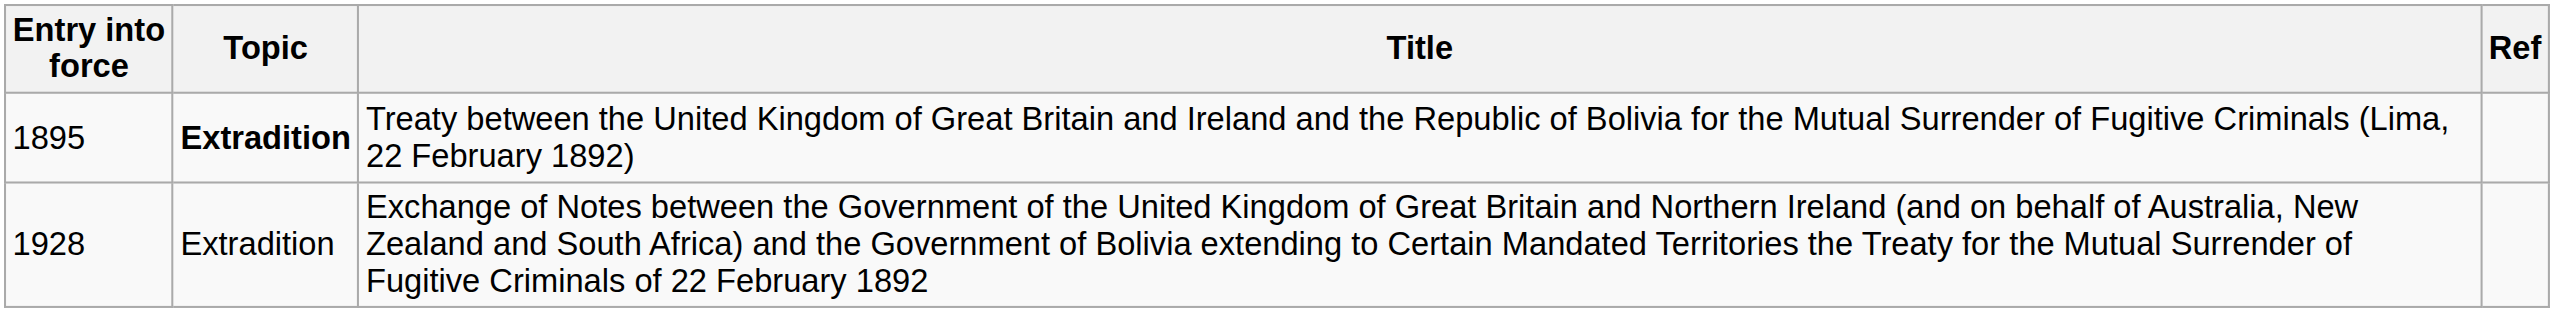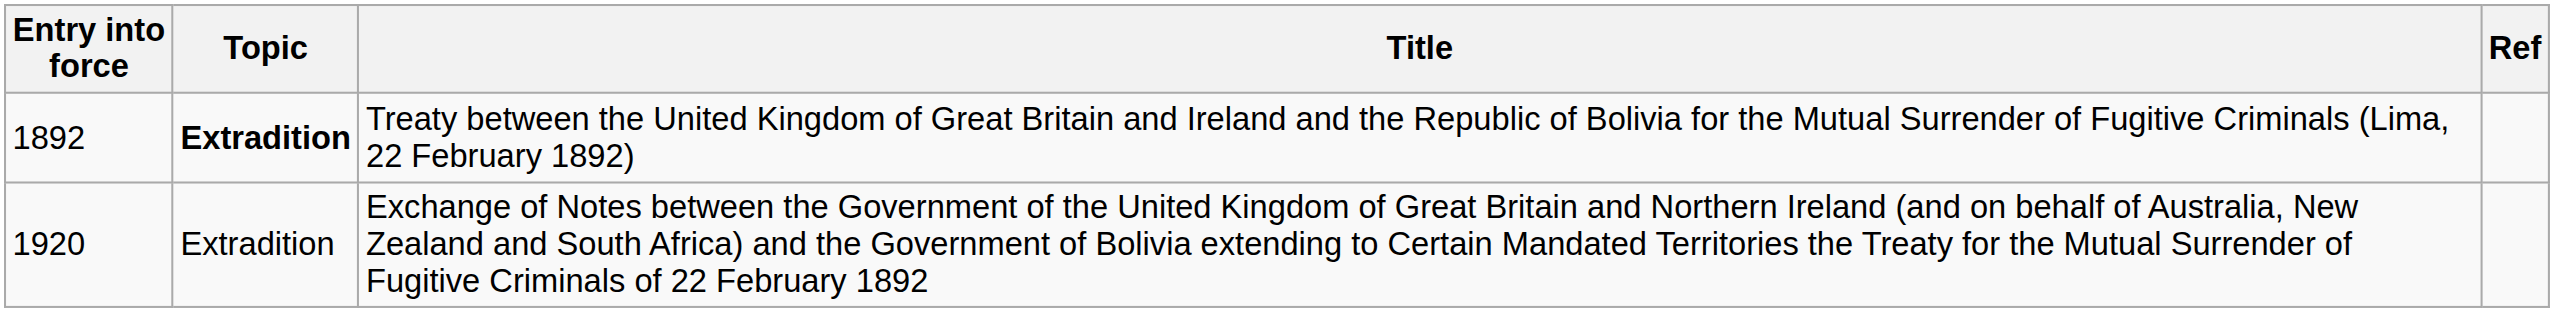 <table class="wikitable sortable">
 <tr>
 <th>Entry into force</th>
 <th>Topic</th>
 <th>Title</th>
 <th>Ref</th>
 </tr>
 <tr>
-<td>1895</td>
+<td>1892</td>
 <td><strong>Extradition</strong></td>
 <td>Treaty between the United Kingdom of Great Britain and Ireland and the Republic of Bolivia for the Mutual Surrender of Fugitive Criminals (Lima, 22 February 1892)</td>
 <td></td>
 </tr>
 <tr>
-<td>1928</td>
+<td>1920</td>
 <td>Extradition</td>
 <td>Exchange of Notes between the Government of the United Kingdom of Great Britain and Northern Ireland (and on behalf of Australia, New Zealand and South Africa) and the Government of Bolivia extending to Certain Mandated Territories the Treaty for the Mutual Surrender of Fugitive Criminals of 22 February 1892</td>
 <td></td>
 </tr>
 </table>
